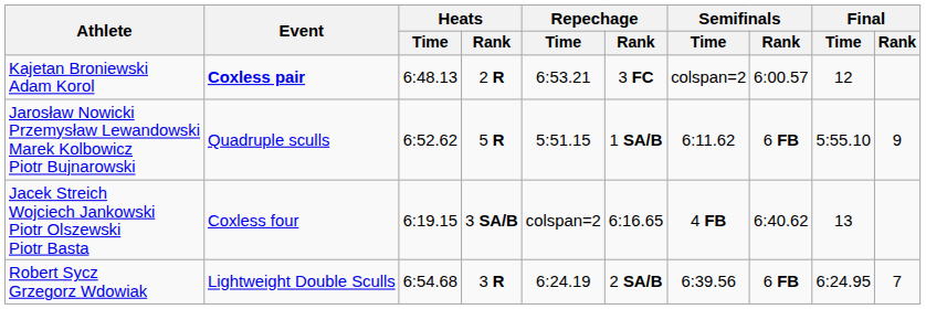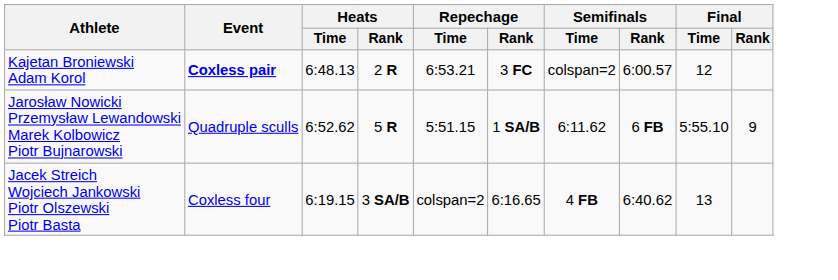 <table class="wikitable" style="font-size:90%">
 <tr>
 <th rowspan="2">Athlete</th>
 <th rowspan="2">Event</th>
 <th colspan="2">Heats</th>
 <th colspan="2">Repechage</th>
 <th colspan="2">Semifinals</th>
 <th colspan="2">Final</th>
 </tr>
 <tr style="font-size:95%">
 <th>Time</th>
 <th>Rank</th>
 <th>Time</th>
 <th>Rank</th>
 <th>Time</th>
 <th>Rank</th>
 <th>Time</th>
 <th>Rank</th>
 </tr>
 <tr align=center>
 <td align=left><a href='#'>Kajetan Broniewski</a><br><a href='#'>Adam Korol</a></td>
 <td align=left><strong><a href='#'>Coxless pair</a></strong></td>
 <td>6:48.13</td>
 <td>2 <strong>R</strong></td>
 <td>6:53.21</td>
 <td>3 <strong>FC</strong></td>
 <td>colspan=2 </td>
 <td>6:00.57</td>
 <td>12</td>
 </tr>
 <tr align=center>
 <td align=left><a href='#'>Jarosław Nowicki</a><br><a href='#'>Przemysław Lewandowski</a><br><a href='#'>Marek Kolbowicz</a><br><a href='#'>Piotr Bujnarowski</a></td>
 <td align=left><a href='#'>Quadruple sculls</a></td>
 <td>6:52.62</td>
 <td>5 <strong>R</strong></td>
 <td>5:51.15</td>
 <td>1 <strong>SA/B</strong></td>
 <td>6:11.62</td>
 <td>6 <strong>FB</strong></td>
 <td>5:55.10</td>
 <td>9</td>
 </tr>
 <tr align=center>
 <td align=left><a href='#'>Jacek Streich</a><br><a href='#'>Wojciech Jankowski</a><br><a href='#'>Piotr Olszewski</a><br><a href='#'>Piotr Basta</a></td>
 <td align=left><a href='#'>Coxless four</a></td>
 <td>6:19.15</td>
 <td>3 <strong>SA/B</strong></td>
 <td>colspan=2 </td>
 <td>6:16.65</td>
 <td>4 <strong>FB</strong></td>
 <td>6:40.62</td>
 <td>13</td>
 </tr>
-<tr align=center>
-<td align=left><a href='#'>Robert Sycz</a><br><a href='#'>Grzegorz Wdowiak</a></td>
-<td align=left><a href='#'>Lightweight Double Sculls</a></td>
-<td>6:54.68</td>
-<td>3 <strong>R</strong></td>
-<td>6:24.19</td>
-<td>2 <strong>SA/B</strong></td>
-<td>6:39.56</td>
-<td>6 <strong>FB</strong></td>
-<td>6:24.95</td>
-<td>7</td>
-</tr>
 </table>
